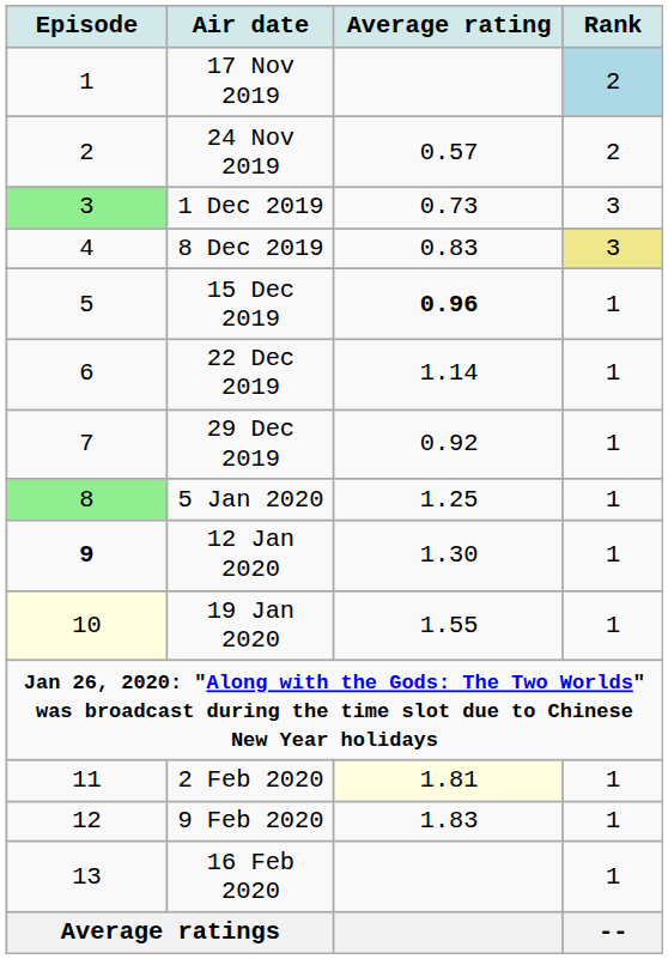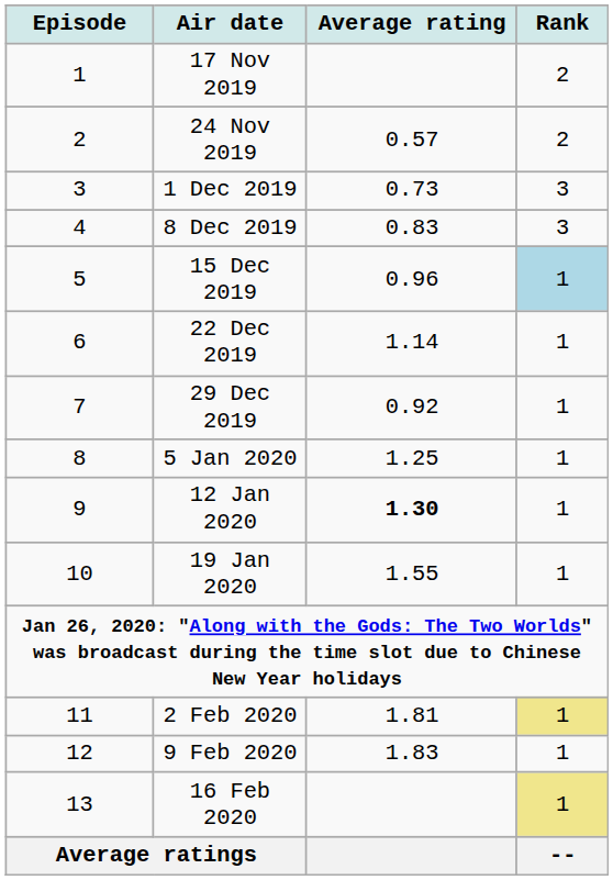 <table class="wikitable" style="font-size:90%; width:25%; float:right; text-align:center; margin:0em 0em 1em 1em">
 <tr style="background:#D1E9E9; font-weight:bold;">
 <td>Episode</td>
 <td>Air  date</td>
 <td>Average rating</td>
 <td>Rank</td>
 </tr>
 <tr>
 <td>1</td>
 <td>17 Nov 2019</td>
 <td><strong></strong></td>
-<td style="background: lightblue;">2</td>
+<td>2</td>
 </tr>
 <tr>
 <td>2</td>
 <td>24 Nov 2019</td>
 <td>0.57</td>
 <td>2</td>
 </tr>
 <tr>
-<td style="background: lightgreen;">3</td>
+<td>3</td>
 <td>1 Dec 2019</td>
 <td>0.73</td>
 <td>3</td>
 </tr>
 <tr>
 <td>4</td>
 <td>8 Dec 2019</td>
 <td>0.83</td>
-<td style="background: khaki;">3</td>
+<td>3</td>
 </tr>
 <tr>
 <td>5</td>
 <td>15 Dec 2019</td>
-<td><strong>0.96</strong></td>
-<td>1</td>
+<td>0.96</td>
+<td style="background: lightblue;">1</td>
 </tr>
 <tr>
 <td>6</td>
 <td>22 Dec 2019</td>
 <td>1.14</td>
 <td>1</td>
 </tr>
 <tr>
 <td>7</td>
 <td>29 Dec 2019</td>
 <td>0.92</td>
 <td>1</td>
 </tr>
 <tr>
-<td style="background: lightgreen;">8</td>
+<td>8</td>
 <td>5 Jan 2020</td>
 <td>1.25</td>
 <td>1</td>
 </tr>
 <tr>
-<td><strong>9</strong></td>
+<td>9</td>
 <td>12 Jan 2020</td>
-<td>1.30</td>
+<td><strong>1.30</strong></td>
 <td>1</td>
 </tr>
 <tr>
-<td style="background: lightyellow;">10</td>
+<td>10</td>
 <td>19 Jan 2020</td>
 <td>1.55</td>
 <td>1</td>
 </tr>
 <tr>
 <td colspan="4"><strong><small>Jan 26, 2020: "<a href='#'>Along with the Gods: The Two Worlds</a>" was broadcast during the time slot due to Chinese New Year holidays</small></strong></td>
 </tr>
 <tr>
 <td>11</td>
 <td>2 Feb 2020</td>
-<td style="background: lightyellow;">1.81</td>
-<td>1</td>
+<td>1.81</td>
+<td style="background: khaki;">1</td>
 </tr>
 <tr>
 <td>12</td>
 <td>9 Feb 2020</td>
 <td>1.83</td>
 <td>1</td>
 </tr>
 <tr>
 <td>13</td>
 <td>16 Feb 2020</td>
 <td><strong></strong></td>
-<td>1</td>
+<td style="background: khaki;">1</td>
 </tr>
 <tr>
 <th colspan="2"><strong>Average ratings</strong></th>
 <th></th>
 <th>--</th>
 </tr>
 <tr>
 </tr>
 </table>
